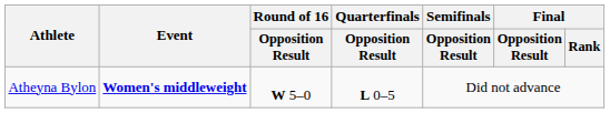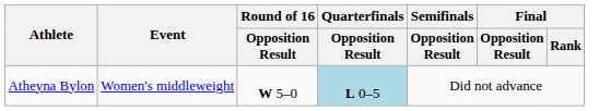 <table class="wikitable" style="font-size:90%">
 <tr>
 <th rowspan="2">Athlete</th>
 <th rowspan="2">Event</th>
 <th>Round of 16</th>
 <th>Quarterfinals</th>
 <th>Semifinals</th>
 <th colspan=2>Final</th>
 </tr>
 <tr style="font-size:95%">
 <th>Opposition<br>Result</th>
 <th>Opposition<br>Result</th>
 <th>Opposition<br>Result</th>
 <th>Opposition<br>Result</th>
 <th>Rank</th>
 </tr>
 <tr align=center>
 <td align=left><a href='#'>Atheyna Bylon</a></td>
-<td align=left><strong><a href='#'>Women's middleweight</a></strong></td>
+<td align=left><a href='#'>Women's middleweight</a></td>
 <td><br><strong>W</strong> 5–0</td>
-<td><br><strong>L</strong> 0–5</td>
+<td style="background: lightblue;"><br><strong>L</strong> 0–5</td>
 <td colspan="3">Did not advance</td>
 </tr>
 </table>
